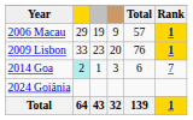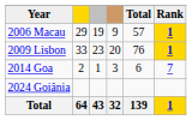 <table class="wikitable sortable" style="text-align:center">
 <tr bgcolor="#efefef">
 </tr>
 <tr bgcolor="#efefef">
 <td><strong>Year</strong></td>
 <td bgcolor="gold"></td>
 <td bgcolor="silver"></td>
 <td bgcolor="CC9966"></td>
 <td><strong>Total</strong></td>
 <td><strong>Rank</strong></td>
 </tr>
 <tr>
 <td align=left> <a href='#'>2006 Macau</a></td>
 <td>29</td>
 <td>19</td>
 <td>9</td>
 <td>57</td>
 <td style="background:gold"><a href='#'><strong>1</strong></a></td>
 </tr>
 <tr>
 <td align=left> <a href='#'>2009 Lisbon</a></td>
 <td>33</td>
 <td>23</td>
 <td>20</td>
 <td>76</td>
 <td style="background:gold"><a href='#'><strong>1</strong></a></td>
 </tr>
 <tr>
 <td align=left> <a href='#'>2014 Goa</a></td>
-<td style="background: paleturquoise;">2</td>
+<td>2</td>
 <td>1</td>
 <td>3</td>
 <td>6</td>
 <td><a href='#'>7</a></td>
 </tr>
 <tr>
 <td align=left> <a href='#'>2024 Goiânia</a></td>
 <td></td>
 <td></td>
 <td></td>
 <td></td>
 <td></td>
 </tr>
 <tr>
 <th>Total</th>
 <th>64</th>
 <th>43</th>
 <th>32</th>
 <th>139</th>
 <th style="background:gold"><a href='#'>1</a></th>
 </tr>
 </table>
